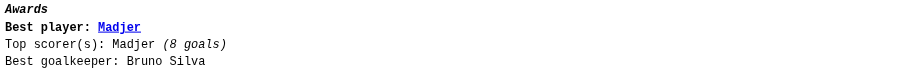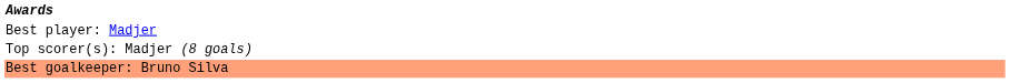 <table width=100% cellspacing=1 style="font-size: 90%;">
 <tr>
 <td><strong><em>Awards</em></strong></td>
 </tr>
 <tr>
-<td><strong>Best player:  <a href='#'>Madjer</a></strong></td>
+<td>Best player:  <a href='#'>Madjer</a></td>
 </tr>
 <tr>
 <td colspan=4>Top scorer(s):  Madjer <em>(8 goals)</em></td>
 </tr>
 <tr>
-<td>Best goalkeeper:  Bruno Silva</td>
+<td style="background: lightsalmon;">Best goalkeeper:  Bruno Silva</td>
 </tr>
 </table>
